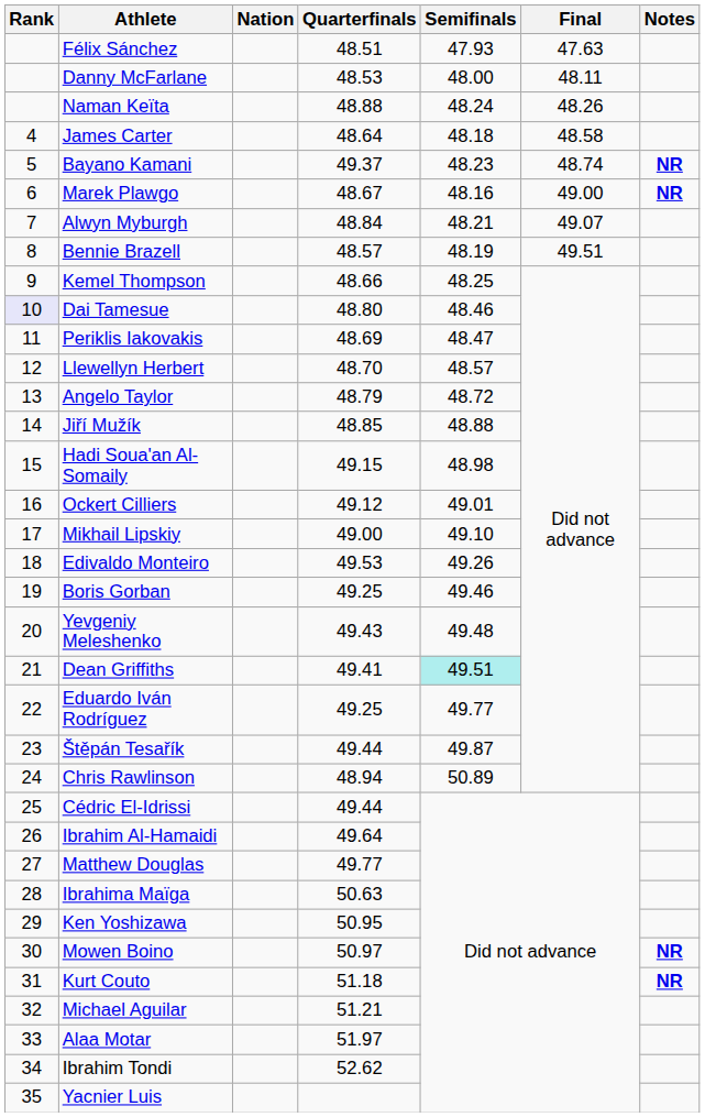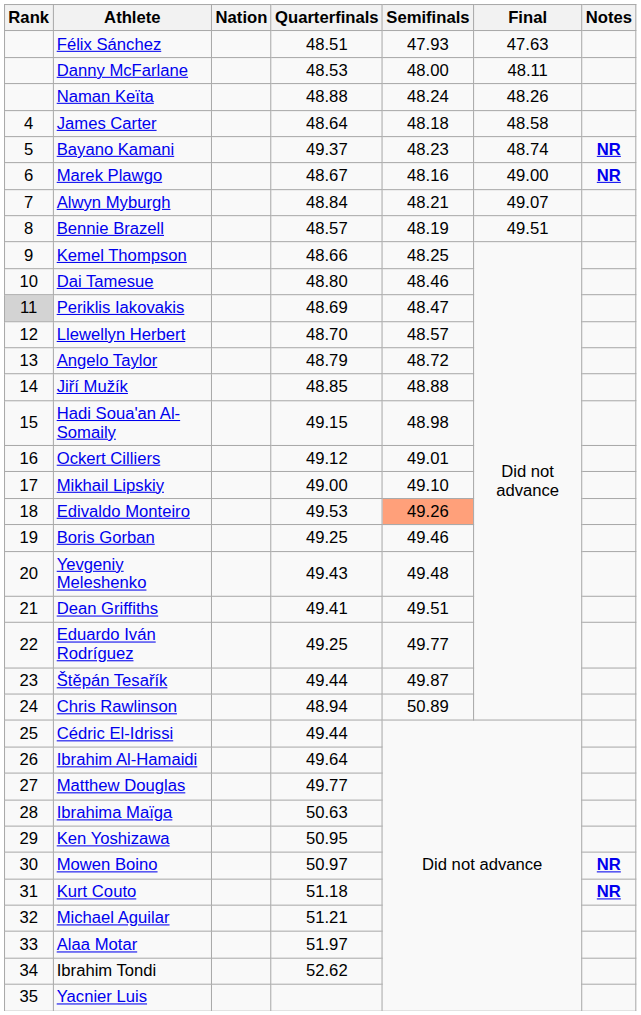 <table class="wikitable sortable" style="text-align:center">
 <tr>
 <th>Rank</th>
 <th>Athlete</th>
 <th>Nation</th>
 <th>Quarterfinals</th>
 <th>Semifinals</th>
 <th>Final</th>
 <th>Notes</th>
 </tr>
 <tr>
 <td></td>
 <td align="left"><a href='#'>Félix Sánchez</a></td>
 <td align="left"></td>
 <td>48.51</td>
 <td>47.93</td>
 <td>47.63</td>
 <td></td>
 </tr>
 <tr>
 <td></td>
 <td align="left"><a href='#'>Danny McFarlane</a></td>
 <td align="left"></td>
 <td>48.53</td>
 <td>48.00</td>
 <td>48.11</td>
 <td></td>
 </tr>
 <tr>
 <td></td>
 <td align="left"><a href='#'>Naman Keïta</a></td>
 <td align="left"></td>
 <td>48.88</td>
 <td>48.24</td>
 <td>48.26</td>
 <td></td>
 </tr>
 <tr>
 <td>4</td>
 <td align="left"><a href='#'>James Carter</a></td>
 <td align="left"></td>
 <td>48.64</td>
 <td>48.18</td>
 <td>48.58</td>
 <td></td>
 </tr>
 <tr>
 <td>5</td>
 <td align="left"><a href='#'>Bayano Kamani</a></td>
 <td align="left"></td>
 <td>49.37</td>
 <td>48.23</td>
 <td>48.74</td>
 <td><strong><a href='#'>NR</a></strong></td>
 </tr>
 <tr>
 <td>6</td>
 <td align="left"><a href='#'>Marek Plawgo</a></td>
 <td align="left"></td>
 <td>48.67</td>
 <td>48.16</td>
 <td>49.00</td>
 <td><strong><a href='#'>NR</a></strong></td>
 </tr>
 <tr>
 <td>7</td>
 <td align="left"><a href='#'>Alwyn Myburgh</a></td>
 <td align="left"></td>
 <td>48.84</td>
 <td>48.21</td>
 <td>49.07</td>
 <td></td>
 </tr>
 <tr>
 <td>8</td>
 <td align="left"><a href='#'>Bennie Brazell</a></td>
 <td align="left"></td>
 <td>48.57</td>
 <td>48.19</td>
 <td>49.51</td>
 <td></td>
 </tr>
 <tr>
 <td>9</td>
 <td align="left"><a href='#'>Kemel Thompson</a></td>
 <td align="left"></td>
 <td>48.66</td>
 <td>48.25</td>
 <td rowspan=16 data-sort-value=99.99>Did not advance</td>
 <td></td>
 </tr>
 <tr>
-<td style="background: lavender;">10</td>
+<td>10</td>
 <td align="left"><a href='#'>Dai Tamesue</a></td>
 <td align="left"></td>
 <td>48.80</td>
 <td>48.46</td>
 <td></td>
 </tr>
 <tr>
-<td>11</td>
+<td style="background: lightgrey;">11</td>
 <td align="left"><a href='#'>Periklis Iakovakis</a></td>
 <td align="left"></td>
 <td>48.69</td>
 <td>48.47</td>
 <td></td>
 </tr>
 <tr>
 <td>12</td>
 <td align="left"><a href='#'>Llewellyn Herbert</a></td>
 <td align="left"></td>
 <td>48.70</td>
 <td>48.57</td>
 <td></td>
 </tr>
 <tr>
 <td>13</td>
 <td align="left"><a href='#'>Angelo Taylor</a></td>
 <td align="left"></td>
 <td>48.79</td>
 <td>48.72</td>
 <td></td>
 </tr>
 <tr>
 <td>14</td>
 <td align="left"><a href='#'>Jiří Mužík</a></td>
 <td align="left"></td>
 <td>48.85</td>
 <td>48.88</td>
 <td></td>
 </tr>
 <tr>
 <td>15</td>
 <td align="left"><a href='#'>Hadi Soua'an Al-Somaily</a></td>
 <td align="left"></td>
 <td>49.15</td>
 <td>48.98</td>
 <td></td>
 </tr>
 <tr>
 <td>16</td>
 <td align="left"><a href='#'>Ockert Cilliers</a></td>
 <td align="left"></td>
 <td>49.12</td>
 <td>49.01</td>
 <td></td>
 </tr>
 <tr>
 <td>17</td>
 <td align="left"><a href='#'>Mikhail Lipskiy</a></td>
 <td align="left"></td>
 <td>49.00</td>
 <td>49.10</td>
 <td></td>
 </tr>
 <tr>
 <td>18</td>
 <td align="left"><a href='#'>Edivaldo Monteiro</a></td>
 <td align="left"></td>
 <td>49.53</td>
-<td>49.26</td>
+<td style="background: lightsalmon;">49.26</td>
 <td></td>
 </tr>
 <tr>
 <td>19</td>
 <td align="left"><a href='#'>Boris Gorban</a></td>
 <td align="left"></td>
 <td>49.25</td>
 <td>49.46</td>
 <td></td>
 </tr>
 <tr>
 <td>20</td>
 <td align="left"><a href='#'>Yevgeniy Meleshenko</a></td>
 <td align="left"></td>
 <td>49.43</td>
 <td>49.48</td>
 <td></td>
 </tr>
 <tr>
 <td>21</td>
 <td align="left"><a href='#'>Dean Griffiths</a></td>
 <td align="left"></td>
 <td>49.41</td>
-<td style="background: paleturquoise;">49.51</td>
+<td>49.51</td>
 <td></td>
 </tr>
 <tr>
 <td>22</td>
 <td align="left"><a href='#'>Eduardo Iván Rodríguez</a></td>
 <td align="left"></td>
 <td>49.25</td>
 <td>49.77</td>
 <td></td>
 </tr>
 <tr>
 <td>23</td>
 <td align="left"><a href='#'>Štěpán Tesařík</a></td>
 <td align="left"></td>
 <td>49.44</td>
 <td>49.87</td>
 <td></td>
 </tr>
 <tr>
 <td>24</td>
 <td align="left"><a href='#'>Chris Rawlinson</a></td>
 <td align="left"></td>
 <td>48.94</td>
 <td>50.89</td>
 <td></td>
 </tr>
 <tr>
 <td>25</td>
 <td align="left"><a href='#'>Cédric El-Idrissi</a></td>
 <td align="left"></td>
 <td>49.44</td>
 <td rowspan=11 colspan=2 data-sort-value=99.99>Did not advance</td>
 <td></td>
 </tr>
 <tr>
 <td>26</td>
 <td align="left"><a href='#'>Ibrahim Al-Hamaidi</a></td>
 <td align="left"></td>
 <td>49.64</td>
 <td></td>
 </tr>
 <tr>
 <td>27</td>
 <td align="left"><a href='#'>Matthew Douglas</a></td>
 <td align="left"></td>
 <td>49.77</td>
 <td></td>
 </tr>
 <tr>
 <td>28</td>
 <td align="left"><a href='#'>Ibrahima Maïga</a></td>
 <td align="left"></td>
 <td>50.63</td>
 <td></td>
 </tr>
 <tr>
 <td>29</td>
 <td align="left"><a href='#'>Ken Yoshizawa</a></td>
 <td align="left"></td>
 <td>50.95</td>
 <td></td>
 </tr>
 <tr>
 <td>30</td>
 <td align="left"><a href='#'>Mowen Boino</a></td>
 <td align="left"></td>
 <td>50.97</td>
 <td><strong><a href='#'>NR</a></strong></td>
 </tr>
 <tr>
 <td>31</td>
 <td align="left"><a href='#'>Kurt Couto</a></td>
 <td align="left"></td>
 <td>51.18</td>
 <td><strong><a href='#'>NR</a></strong></td>
 </tr>
 <tr>
 <td>32</td>
 <td align="left"><a href='#'>Michael Aguilar</a></td>
 <td align="left"></td>
 <td>51.21</td>
 <td></td>
 </tr>
 <tr>
 <td>33</td>
 <td align="left"><a href='#'>Alaa Motar</a></td>
 <td align="left"></td>
 <td>51.97</td>
 <td></td>
 </tr>
 <tr>
 <td>34</td>
 <td align="left">Ibrahim Tondi</td>
 <td align="left"></td>
 <td>52.62</td>
 <td></td>
 </tr>
 <tr>
 <td>35</td>
 <td align="left"><a href='#'>Yacnier Luis</a></td>
 <td align="left"></td>
 <td data-sort-value=80.00></td>
 <td></td>
 </tr>
 </table>
